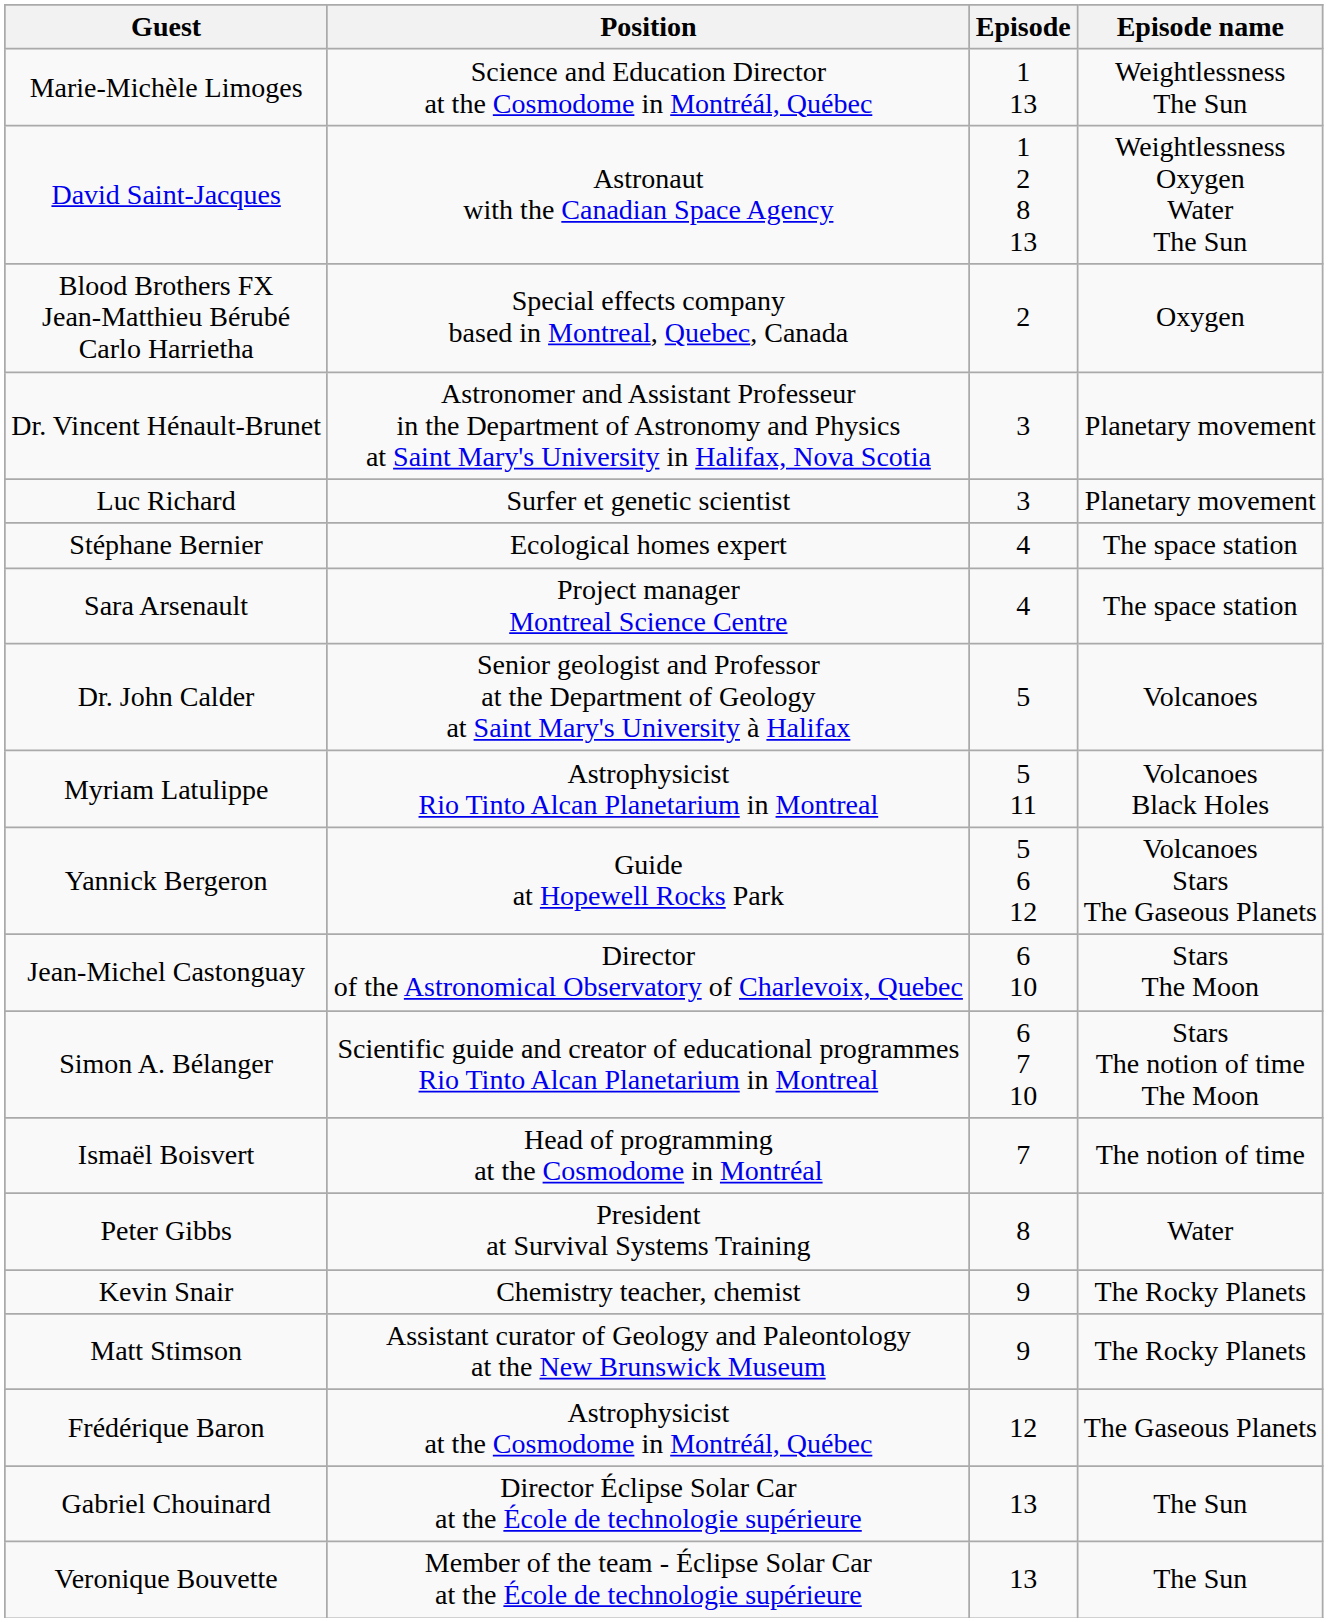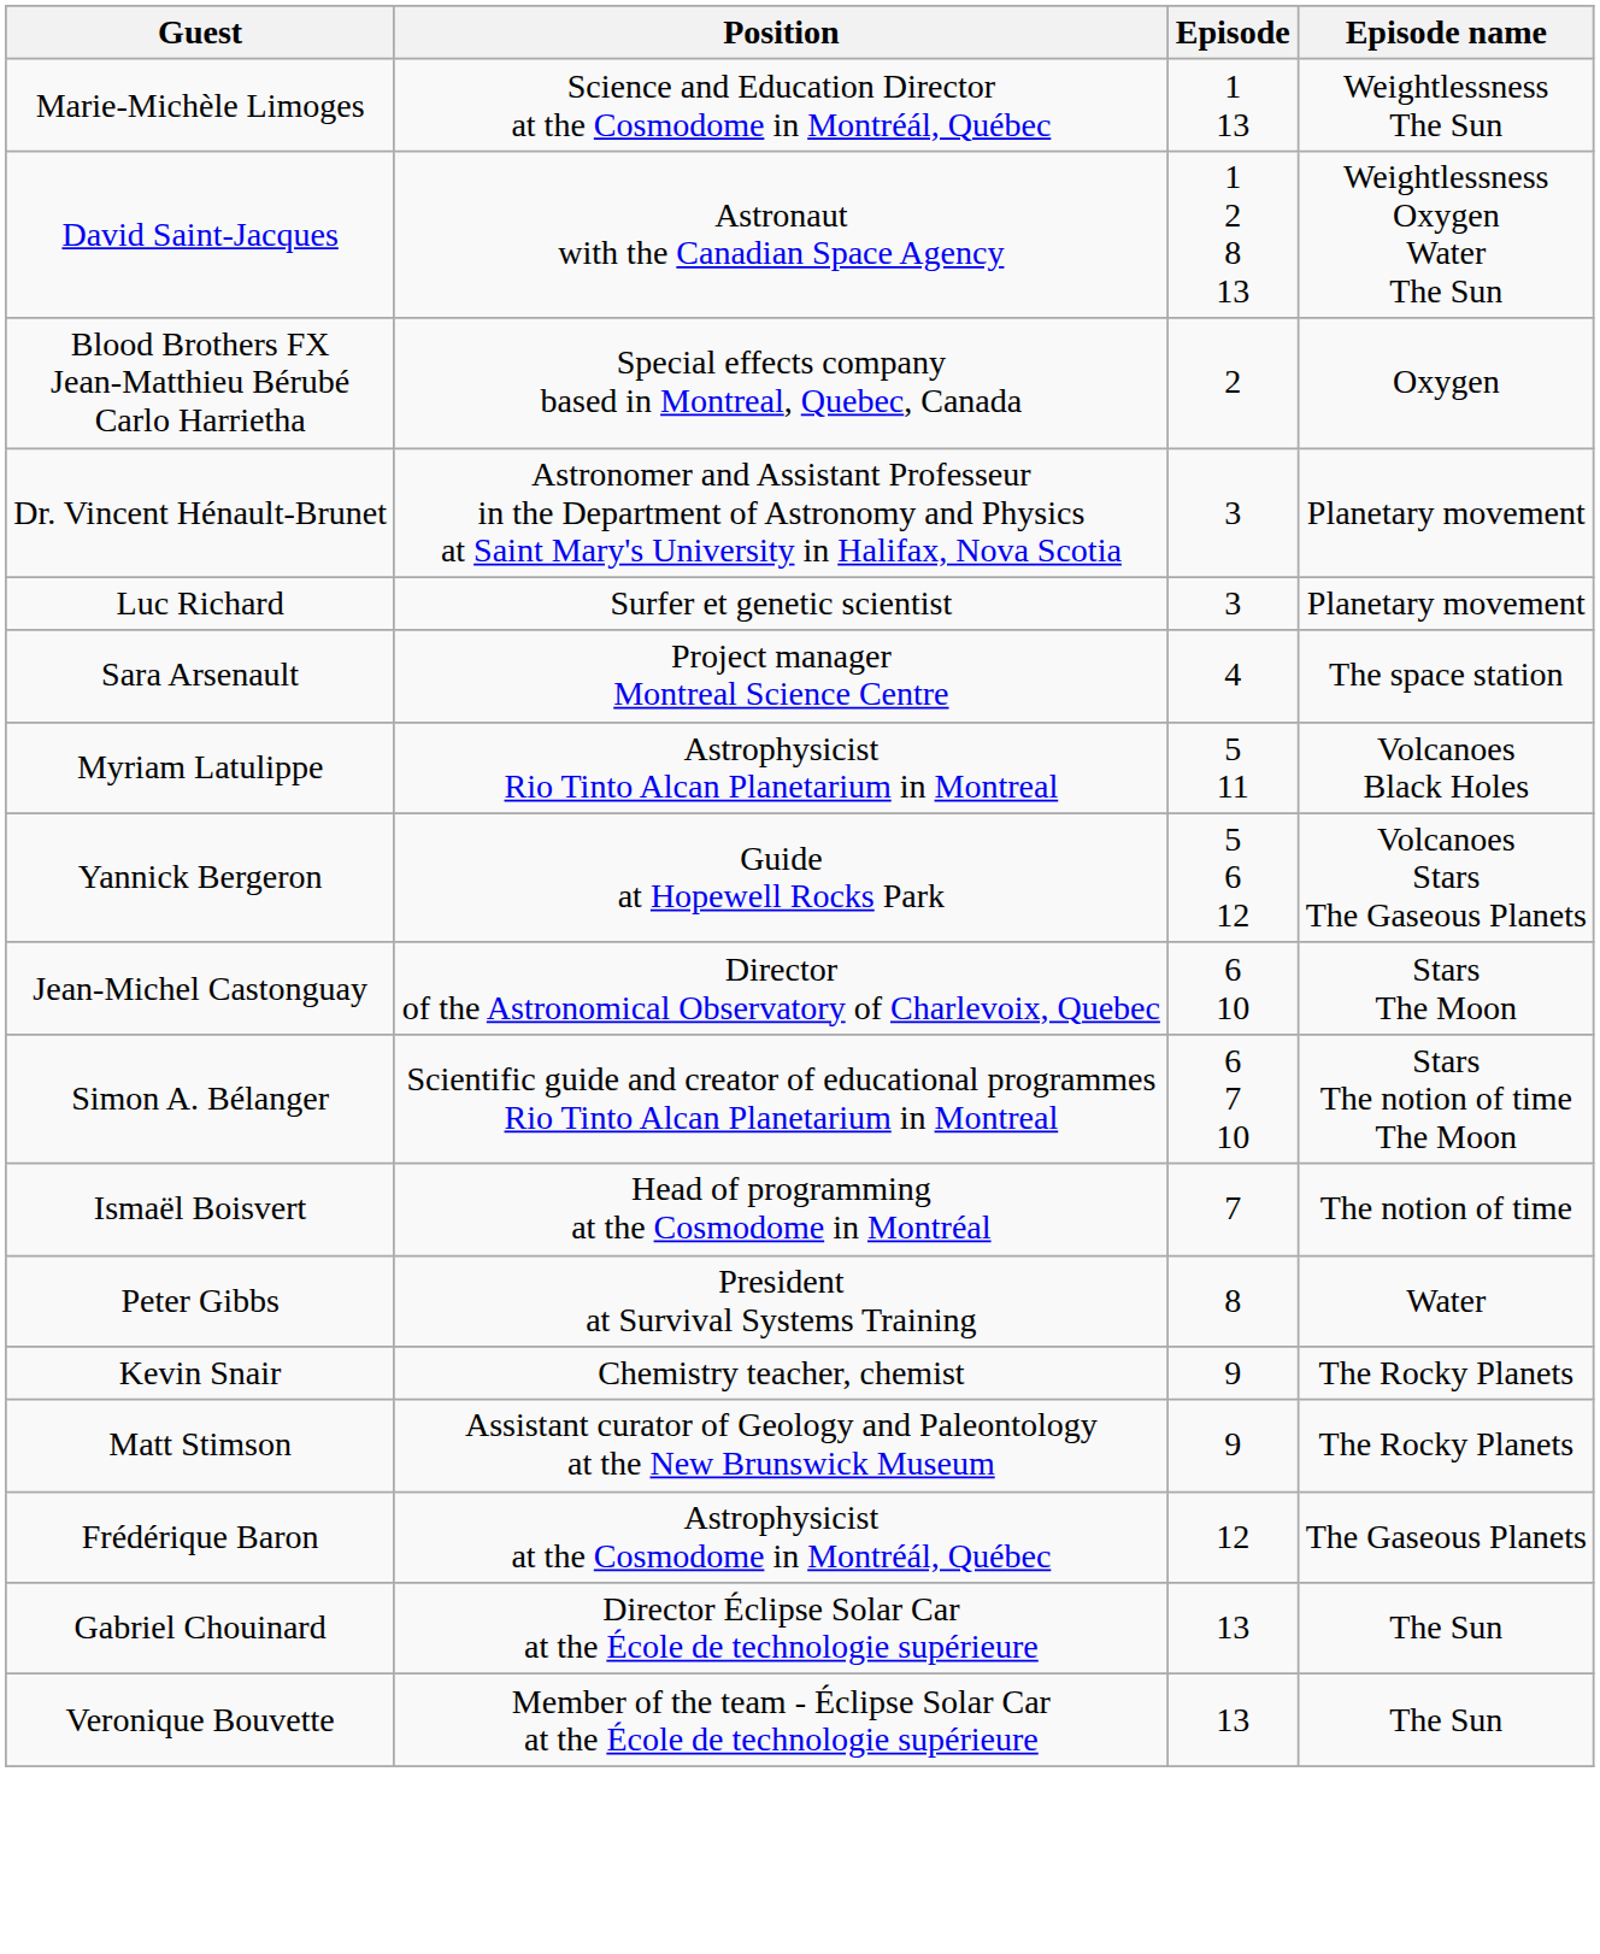 <table class="wikitable sortable" style=text-align:center;>
 <tr>
 <th>Guest</th>
 <th>Position</th>
 <th>Episode</th>
 <th>Episode name</th>
 </tr>
 <tr>
 <td>Marie-Michèle Limoges</td>
 <td>Science and Education Director <br> at the <a href='#'>Cosmodome</a> in <a href='#'>Montréál, Québec</a></td>
 <td>1 <br> 13</td>
 <td>Weightlessness <br> The Sun</td>
 </tr>
 <tr>
 <td><a href='#'>David Saint-Jacques</a></td>
 <td>Astronaut <br> with the <a href='#'>Canadian Space Agency</a></td>
 <td>1 <br> 2 <br> 8 <br> 13</td>
 <td>Weightlessness <br> Oxygen <br> Water <br> The Sun</td>
 </tr>
 <tr>
 <td>Blood Brothers FX <br>Jean-Matthieu Bérubé <br>Carlo Harrietha</td>
 <td>Special effects company <br> based in <a href='#'>Montreal</a>, <a href='#'>Quebec</a>, Canada</td>
 <td>2</td>
 <td>Oxygen</td>
 </tr>
 <tr>
 <td>Dr. Vincent Hénault-Brunet</td>
 <td>Astronomer and Assistant Professeur <br> in the Department of Astronomy and Physics <br> at <a href='#'>Saint Mary's University</a> in <a href='#'>Halifax, Nova Scotia</a></td>
 <td>3</td>
 <td>Planetary movement</td>
 </tr>
 <tr>
 <td>Luc Richard</td>
 <td>Surfer et genetic scientist</td>
 <td>3</td>
 <td>Planetary movement</td>
 </tr>
 <tr>
-<td>Stéphane Bernier</td>
-<td>Ecological homes expert</td>
-<td>4</td>
-<td>The space station</td>
-</tr>
-<tr>
 <td>Sara Arsenault</td>
 <td>Project manager <br> <a href='#'>Montreal Science Centre</a></td>
 <td>4</td>
 <td>The space station</td>
-</tr>
-<tr>
-<td>Dr. John Calder</td>
-<td>Senior geologist and Professor <br> at the Department of Geology <br> at <a href='#'>Saint Mary's University</a> à <a href='#'>Halifax</a></td>
-<td>5</td>
-<td>Volcanoes</td>
 </tr>
 <tr>
 <td>Myriam Latulippe</td>
 <td>Astrophysicist <br> <a href='#'>Rio Tinto Alcan Planetarium</a> in <a href='#'>Montreal</a></td>
 <td>5 <br> 11</td>
 <td>Volcanoes <br> Black Holes</td>
 </tr>
 <tr>
 <td>Yannick Bergeron</td>
 <td>Guide <br> at <a href='#'>Hopewell Rocks</a> Park</td>
 <td>5 <br> 6 <br> 12</td>
 <td>Volcanoes <br> Stars <br> The Gaseous Planets</td>
 </tr>
 <tr>
 <td>Jean-Michel Castonguay</td>
 <td>Director <br> of the <a href='#'>Astronomical Observatory</a> of <a href='#'>Charlevoix, Quebec</a></td>
 <td>6 <br> 10</td>
 <td>Stars <br> The Moon</td>
 </tr>
 <tr>
 <td>Simon A. Bélanger</td>
 <td>Scientific guide and creator of educational programmes<br> <a href='#'>Rio Tinto Alcan Planetarium</a> in <a href='#'>Montreal</a></td>
 <td>6 <br> 7 <br> 10</td>
 <td>Stars <br> The notion of time <br> The Moon</td>
 </tr>
 <tr>
 <td>Ismaël Boisvert</td>
 <td>Head of programming <br> at the <a href='#'>Cosmodome</a> in <a href='#'>Montréal</a></td>
 <td>7</td>
 <td>The notion of time</td>
 </tr>
 <tr>
 <td>Peter Gibbs</td>
 <td>President <br> at Survival Systems Training</td>
 <td>8</td>
 <td>Water</td>
 </tr>
 <tr>
 <td>Kevin Snair</td>
 <td>Chemistry teacher, chemist</td>
 <td>9</td>
 <td>The Rocky Planets</td>
 </tr>
 <tr>
 <td>Matt Stimson</td>
 <td>Assistant curator of Geology and Paleontology <br> at the <a href='#'>New Brunswick Museum</a></td>
 <td>9</td>
 <td>The Rocky Planets</td>
 </tr>
 <tr>
 <td>Frédérique Baron</td>
 <td>Astrophysicist <br>at the <a href='#'>Cosmodome</a> in <a href='#'>Montréál, Québec</a></td>
 <td style=text-align:center;>12</td>
 <td>The Gaseous Planets</td>
 </tr>
 <tr>
 <td>Gabriel Chouinard</td>
 <td>Director Éclipse Solar Car <br> at the <a href='#'>École de technologie supérieure</a></td>
 <td style=text-align:center;>13</td>
 <td>The Sun</td>
 </tr>
 <tr>
 <td>Veronique Bouvette</td>
 <td>Member of the team - Éclipse Solar Car <br> at the <a href='#'>École de technologie supérieure</a></td>
 <td style=text-aling:center;>13</td>
 <td>The Sun</td>
 </tr>
 </table>
